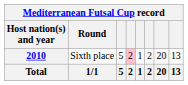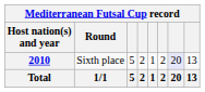 <table class="wikitable" style="font-size:90%; text-align:center;">
 <tr>
 <th colspan="8"><a href='#'>Mediterranean Futsal Cup</a> record</th>
 </tr>
 <tr>
 <th scope="col">Host nation(s)<br>and year</th>
 <th scope="col">Round</th>
 <th scope="col"></th>
 <th scope="col"></th>
 <th scope="col"></th>
 <th scope="col"></th>
 <th scope="col"></th>
 <th scope="col"></th>
 </tr>
 <tr>
 <th scope="row"> <a href='#'>2010</a></th>
 <td>Sixth place</td>
 <td>5</td>
-<td style="background: pink;">2</td>
+<td>2</td>
 <td>1</td>
 <td>2</td>
-<td>20</td>
+<td style="background: lavender;">20</td>
 <td>13</td>
 </tr>
 <tr>
 <th><strong>Total</strong></th>
 <th>1/1</th>
 <th>5</th>
 <th>2</th>
 <th>1</th>
 <th>2</th>
 <th>20</th>
 <th>13</th>
 </tr>
 </table>
